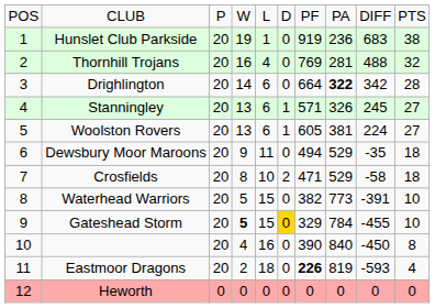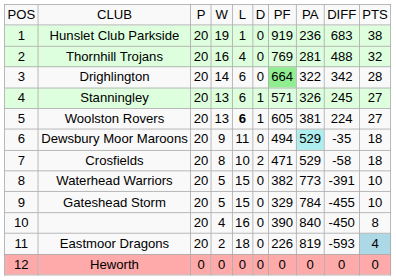 <table class="wikitable" style="text-align: center;">
 <tr>
 <td>POS</td>
 <td>CLUB</td>
 <td>P</td>
 <td>W</td>
 <td>L</td>
 <td>D</td>
 <td>PF</td>
 <td>PA</td>
 <td>DIFF</td>
 <td>PTS</td>
 </tr>
 <tr style="background:#ddffdd;">
 <td>1</td>
 <td>Hunslet Club Parkside</td>
 <td>20</td>
 <td>19</td>
 <td>1</td>
 <td>0</td>
 <td>919</td>
 <td>236</td>
 <td>683</td>
 <td>38</td>
 </tr>
 <tr style="background:#ddffdd;">
 <td>2</td>
 <td>Thornhill Trojans</td>
 <td>20</td>
 <td>16</td>
 <td>4</td>
 <td>0</td>
 <td>769</td>
 <td>281</td>
 <td>488</td>
 <td>32</td>
 </tr>
 <tr>
 <td>3</td>
 <td>Drighlington</td>
 <td>20</td>
 <td>14</td>
 <td>6</td>
 <td>0</td>
-<td>664</td>
-<td><strong>322</strong></td>
+<td style="background: lightgreen;">664</td>
+<td>322</td>
 <td>342</td>
 <td>28</td>
 </tr>
 <tr style="background:#ddffdd;">
 <td>4</td>
 <td>Stanningley</td>
 <td>20</td>
 <td>13</td>
 <td>6</td>
 <td>1</td>
 <td>571</td>
 <td>326</td>
 <td>245</td>
 <td>27</td>
 </tr>
 <tr>
 <td>5</td>
 <td>Woolston Rovers</td>
 <td>20</td>
 <td>13</td>
-<td>6</td>
+<td><strong>6</strong></td>
 <td>1</td>
 <td>605</td>
 <td>381</td>
 <td>224</td>
 <td>27</td>
 </tr>
 <tr>
 <td>6</td>
 <td>Dewsbury Moor Maroons</td>
 <td>20</td>
 <td>9</td>
 <td>11</td>
 <td>0</td>
 <td>494</td>
-<td>529</td>
+<td style="background: paleturquoise;">529</td>
 <td>-35</td>
 <td>18</td>
 </tr>
 <tr>
 <td>7</td>
 <td>Crosfields</td>
 <td>20</td>
 <td>8</td>
 <td>10</td>
 <td>2</td>
 <td>471</td>
 <td>529</td>
 <td>-58</td>
 <td>18</td>
 </tr>
 <tr>
 <td>8</td>
 <td>Waterhead Warriors</td>
 <td>20</td>
 <td>5</td>
 <td>15</td>
 <td>0</td>
 <td>382</td>
 <td>773</td>
 <td>-391</td>
 <td>10</td>
 </tr>
 <tr>
 <td>9</td>
 <td>Gateshead Storm</td>
 <td>20</td>
-<td><strong>5</strong></td>
+<td>5</td>
 <td>15</td>
-<td style="background: gold;">0</td>
+<td>0</td>
 <td>329</td>
 <td>784</td>
 <td>-455</td>
 <td>10</td>
 </tr>
 <tr>
 <td>10</td>
 <td></td>
 <td>20</td>
 <td>4</td>
 <td>16</td>
 <td>0</td>
 <td>390</td>
 <td>840</td>
 <td>-450</td>
 <td>8</td>
 </tr>
 <tr>
 <td>11</td>
 <td>Eastmoor Dragons</td>
 <td>20</td>
 <td>2</td>
 <td>18</td>
 <td>0</td>
-<td><strong>226</strong></td>
+<td>226</td>
 <td>819</td>
 <td>-593</td>
-<td>4</td>
+<td style="background: lightblue;">4</td>
 </tr>
 <tr style="background:#ffaaaa;">
 <td>12</td>
 <td>Heworth</td>
 <td>0</td>
 <td>0</td>
 <td>0</td>
 <td>0</td>
 <td>0</td>
 <td>0</td>
 <td>0</td>
 <td>0</td>
 </tr>
 </table>
